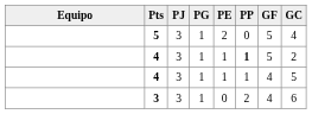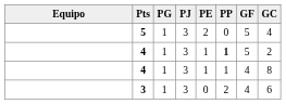 <table style=border-collapse:collapse border=1 cellspacing=0 cellpadding=5>
 <tr align=center bgcolor=#efefef>
 <th width=185>Equipo</th>
 <th width=20>Pts</th>
+<th width=20>PG</th>
 <th width=20>PJ</th>
-<th width=20>PG</th>
 <th width=20>PE</th>
 <th width=20>PP</th>
 <th width=20>GF</th>
 <th width=20>GC</th>
 </tr>
 <tr align=center>
 <td style="text-align:left;"><strong></strong></td>
 <td><strong>5</strong></td>
+<td>1</td>
 <td>3</td>
-<td>1</td>
 <td>2</td>
 <td>0</td>
 <td>5</td>
 <td>4</td>
 </tr>
 <tr align=center>
 <td style="text-align:left;"></td>
 <td><strong>4</strong></td>
+<td>1</td>
 <td>3</td>
-<td>1</td>
 <td>1</td>
 <td><strong>1</strong></td>
 <td>5</td>
 <td>2</td>
 </tr>
 <tr align=center>
 <td style="text-align:left;"></td>
 <td><strong>4</strong></td>
+<td>1</td>
 <td>3</td>
 <td>1</td>
 <td>1</td>
-<td>1</td>
 <td>4</td>
-<td>5</td>
+<td>8</td>
 </tr>
 <tr align=center>
 <td style="text-align:left;"></td>
 <td><strong>3</strong></td>
+<td>1</td>
 <td>3</td>
-<td>1</td>
 <td>0</td>
 <td>2</td>
 <td>4</td>
 <td>6</td>
 </tr>
 </table>
